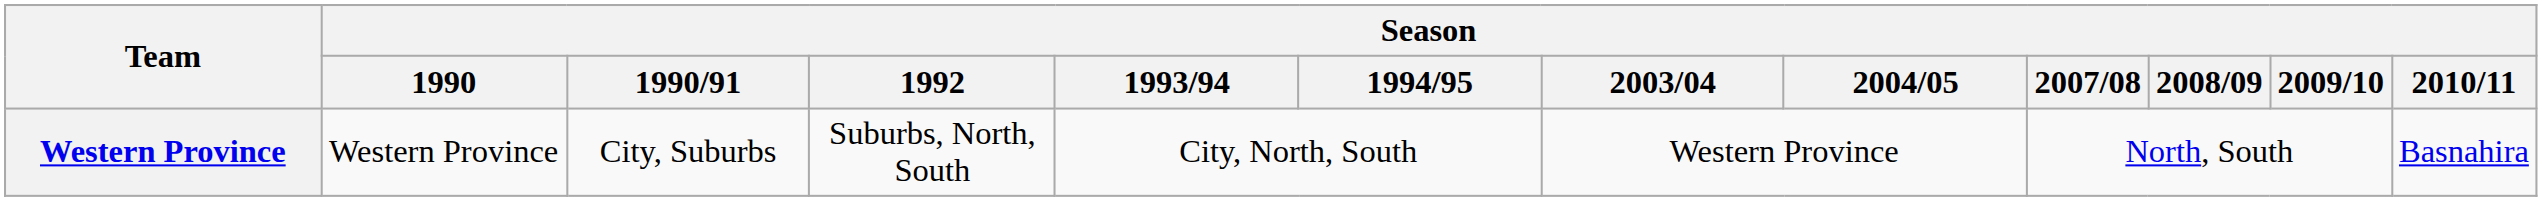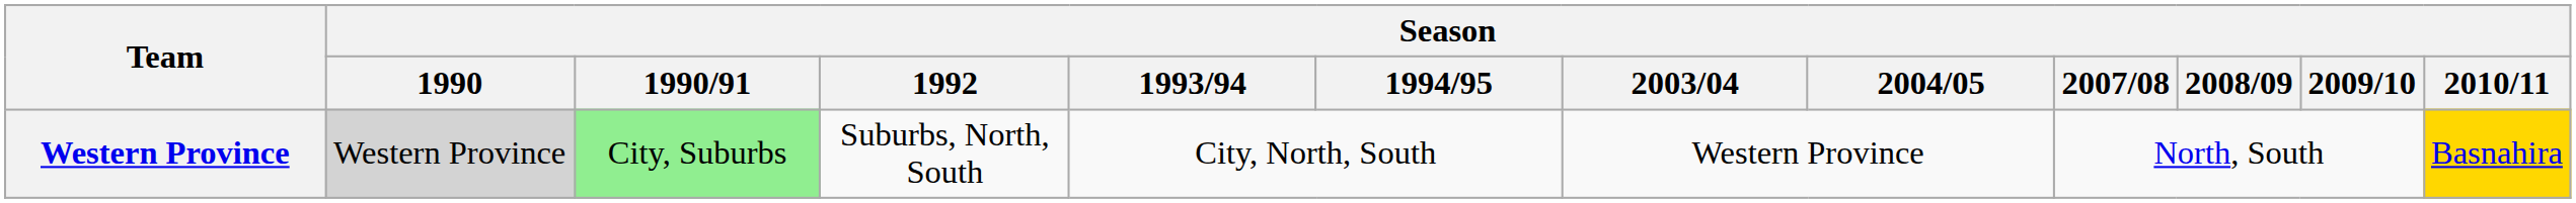 <table class="wikitable" style="text-align:center">
 <tr>
 <th rowspan="2" width="16%">Team</th>
 <th colspan="11" align="center">Season</th>
 </tr>
 <tr>
 <th align="center" width="12%">1990</th>
 <th align="center" width="12%">1990/91</th>
 <th align="center" width="12%">1992</th>
 <th align="center" width="12%">1993/94</th>
 <th align="center" width="12%">1994/95</th>
 <th align="center" width="12%">2003/04</th>
 <th align="center" width="12%">2004/05</th>
 <th align="center" width="12%">2007/08</th>
 <th align="center" width="12%">2008/09</th>
 <th align="center" width="12%">2009/10</th>
 <th align="center" width="12%">2010/11</th>
 </tr>
 <tr>
 <th><a href='#'>Western Province</a></th>
-<td>Western Province</td>
-<td>City, Suburbs</td>
+<td style="background: lightgrey;">Western Province</td>
+<td style="background: lightgreen;">City, Suburbs</td>
 <td>Suburbs, North, South</td>
 <td colspan="2">City, North, South</td>
 <td colspan="2">Western Province</td>
 <td colspan="3"><a href='#'>North</a>, South</td>
-<td colspan="1"><a href='#'>Basnahira</a></td>
+<td colspan="1" style="background: gold;"><a href='#'>Basnahira</a></td>
 </tr>
 </table>
